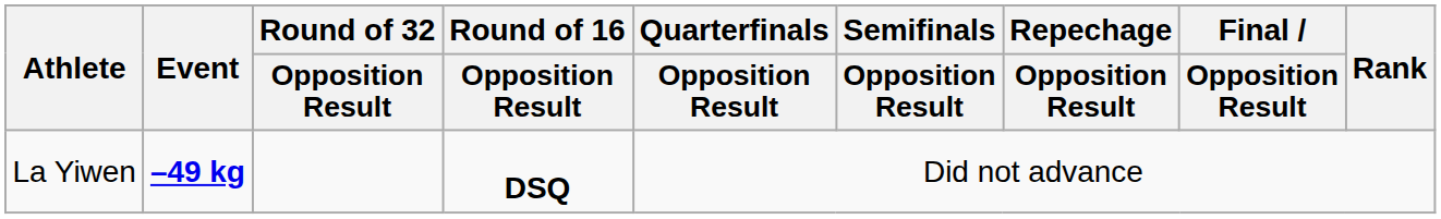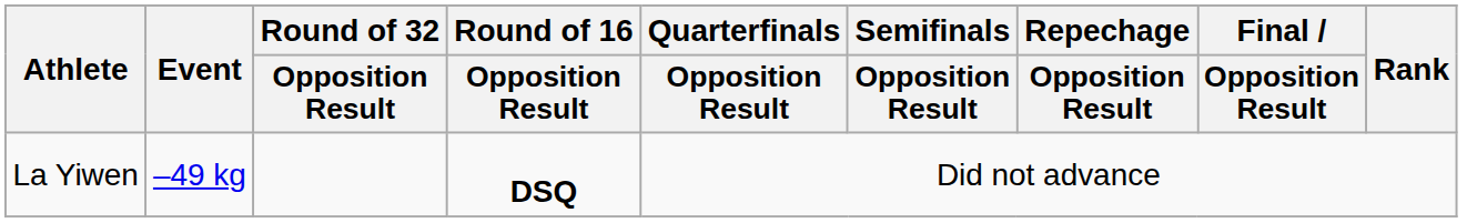 <table class=wikitable style=font-size:90%;text-align:center>
 <tr>
 <th rowspan="2">Athlete</th>
 <th rowspan="2">Event</th>
 <th>Round of 32</th>
 <th>Round of 16</th>
 <th>Quarterfinals</th>
 <th>Semifinals</th>
 <th>Repechage</th>
 <th>Final / </th>
 <th rowspan=2>Rank</th>
 </tr>
 <tr style="font-size:95%">
 <th>Opposition<br>Result</th>
 <th>Opposition<br>Result</th>
 <th>Opposition<br>Result</th>
 <th>Opposition<br>Result</th>
 <th>Opposition<br>Result</th>
 <th>Opposition<br>Result</th>
 </tr>
 <tr>
 <td align=left>La Yiwen</td>
-<td align=left><strong><a href='#'>–49 kg</a></strong></td>
+<td align=left><a href='#'>–49 kg</a></td>
 <td></td>
 <td><br><strong>DSQ</strong></td>
 <td colspan=5>Did not advance</td>
 </tr>
 </table>
